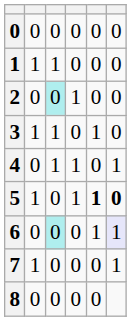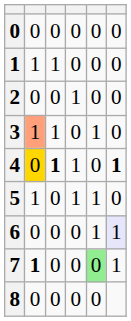 <table class="wikitable floatright" style="text-align:center">
 <tr>
 <th></th>
 <th></th>
 <th></th>
 <th></th>
 <th></th>
 <th></th>
 </tr>
 <tr>
 <th>0</th>
 <td>0</td>
 <td>0</td>
 <td>0</td>
 <td>0</td>
 <td>0</td>
 </tr>
 <tr>
 <th>1</th>
 <td>1</td>
 <td>1</td>
 <td>0</td>
 <td>0</td>
 <td>0</td>
 </tr>
 <tr>
 <th>2</th>
 <td>0</td>
-<td style="background: paleturquoise;">0</td>
+<td>0</td>
 <td>1</td>
 <td>0</td>
 <td>0</td>
 </tr>
 <tr>
 <th>3</th>
-<td>1</td>
+<td style="background: lightsalmon;">1</td>
 <td>1</td>
 <td>0</td>
 <td>1</td>
 <td>0</td>
 </tr>
 <tr>
 <th>4</th>
-<td>0</td>
-<td>1</td>
+<td style="background: gold;">0</td>
+<td><strong>1</strong></td>
 <td>1</td>
 <td>0</td>
-<td>1</td>
+<td><strong>1</strong></td>
 </tr>
 <tr>
 <th>5</th>
 <td>1</td>
 <td>0</td>
 <td>1</td>
-<td><strong>1</strong></td>
-<td><strong>0</strong></td>
+<td>1</td>
+<td>0</td>
 </tr>
 <tr>
 <th>6</th>
 <td>0</td>
-<td style="background: paleturquoise;">0</td>
+<td>0</td>
 <td>0</td>
 <td>1</td>
 <td style="background: lavender;">1</td>
 </tr>
 <tr>
 <th>7</th>
-<td>1</td>
+<td><strong>1</strong></td>
 <td>0</td>
 <td>0</td>
-<td>0</td>
+<td style="background: lightgreen;">0</td>
 <td>1</td>
 </tr>
 <tr>
 <th>8</th>
 <td>0</td>
 <td>0</td>
 <td>0</td>
 <td>0</td>
 </tr>
 </table>
